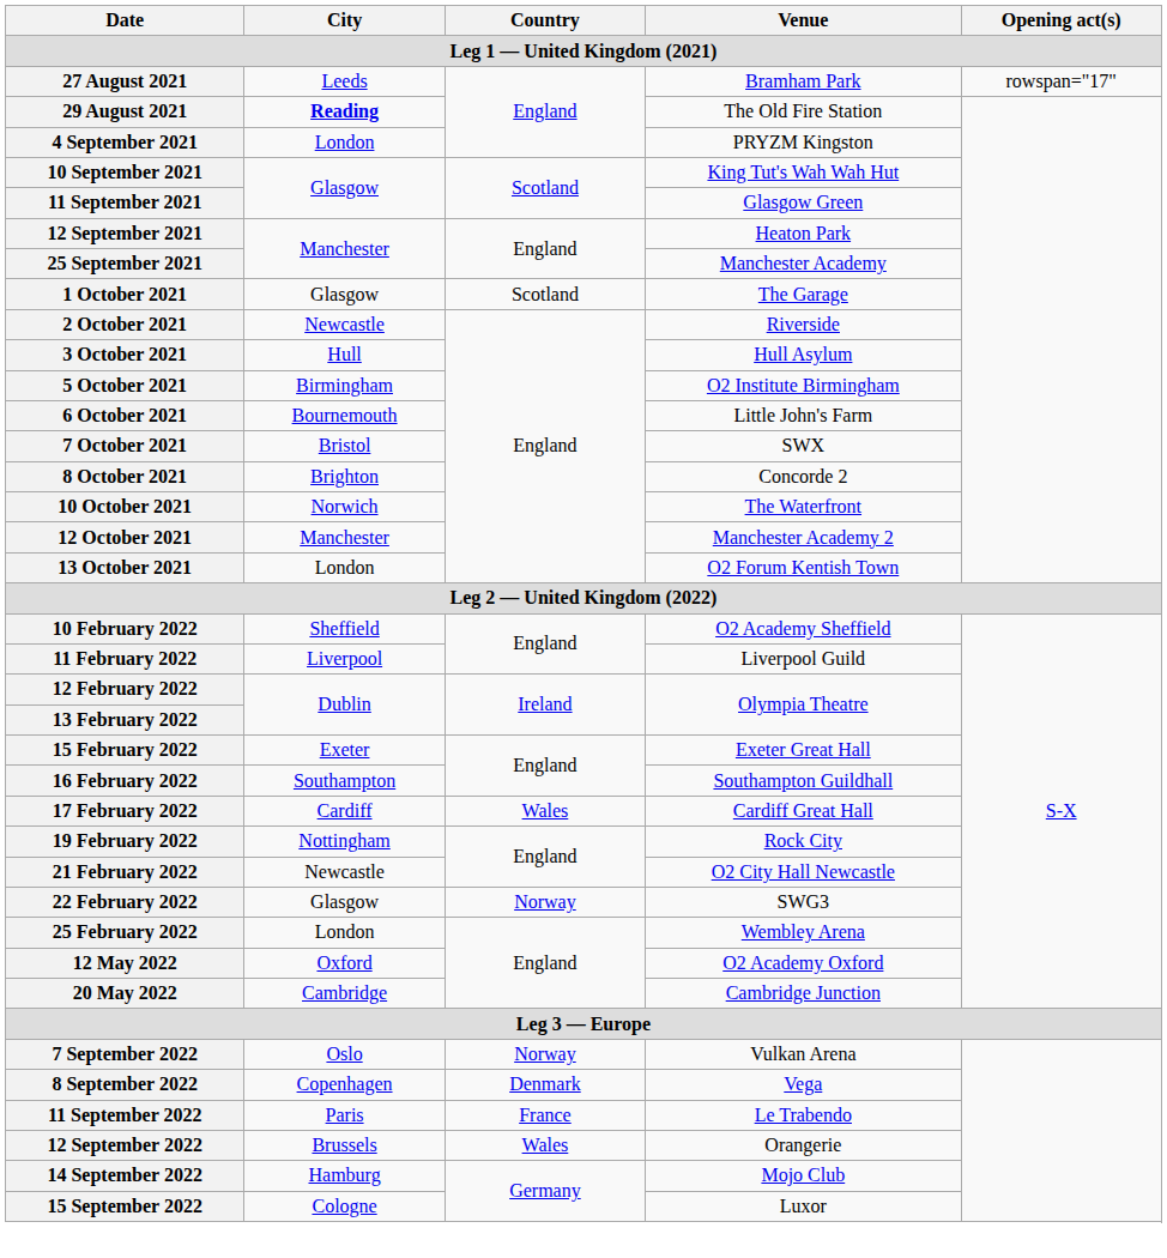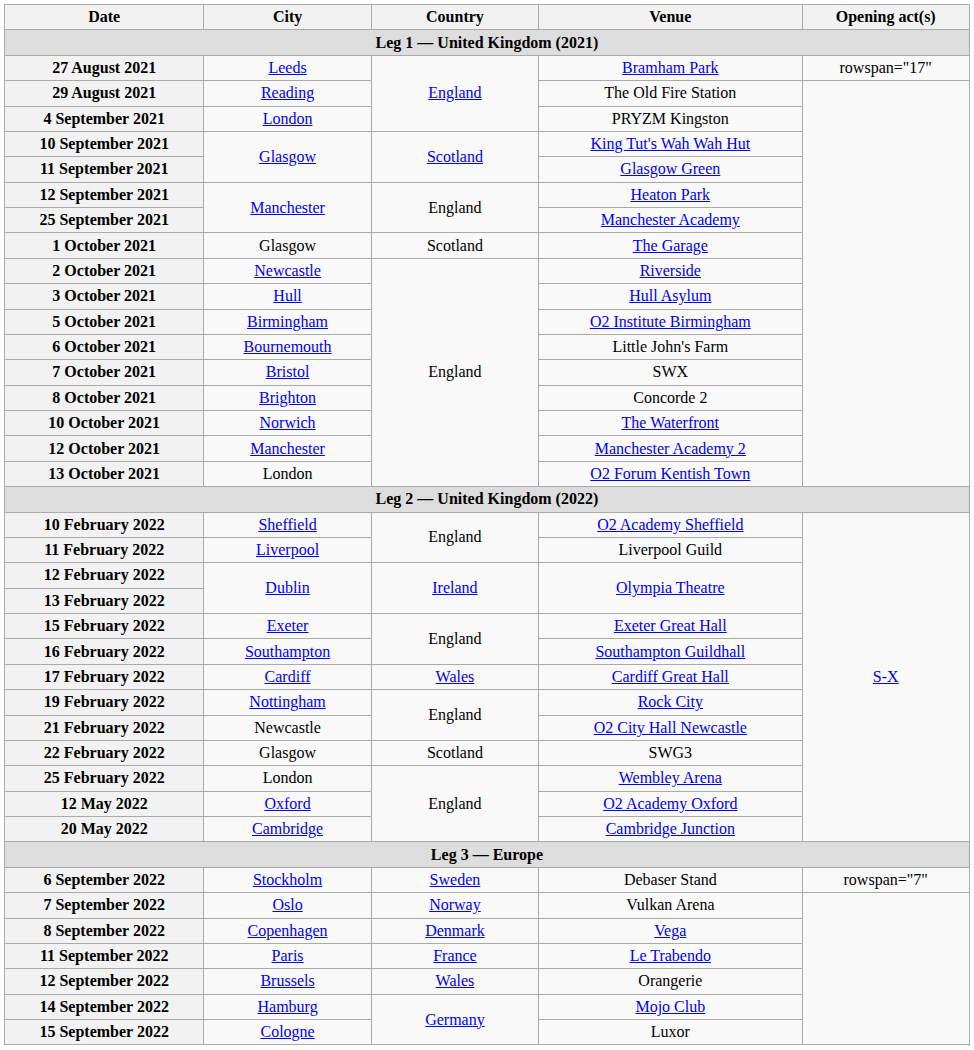 <table class="wikitable plainrowheaders" style="text-align:center;">
 <tr>
 <th scope="col" style="width:12em;">Date</th>
 <th scope="col" style="width:10em;">City</th>
 <th scope="col" style="width:10em;">Country</th>
 <th scope="col" style="width:16em;">Venue</th>
 <th scope="col" style="width:10em;">Opening act(s)</th>
 </tr>
 <tr>
 <th style="background:#dddddd;" colspan="5">Leg 1 — United Kingdom (2021)</th>
 </tr>
 <tr>
 <th scope="row" style="text-align:center;">27 August 2021</th>
 <td><a href='#'>Leeds</a></td>
 <td rowspan="3"><a href='#'>England</a></td>
 <td><a href='#'>Bramham Park</a></td>
 <td>rowspan="17" </td>
 </tr>
 <tr>
 <th scope="row" style="text-align:center;">29 August 2021</th>
-<td><strong><a href='#'>Reading</a></strong></td>
+<td><a href='#'>Reading</a></td>
 <td>The Old Fire Station</td>
 </tr>
 <tr>
 <th scope="row" style="text-align:center;">4 September 2021</th>
 <td><a href='#'>London</a></td>
 <td>PRYZM Kingston</td>
 </tr>
 <tr>
 <th scope="row" style="text-align:center;">10 September 2021</th>
 <td rowspan="2"><a href='#'>Glasgow</a></td>
 <td rowspan="2"><a href='#'>Scotland</a></td>
 <td><a href='#'>King Tut's Wah Wah Hut</a></td>
 </tr>
 <tr>
 <th scope="row" style="text-align:center;">11 September 2021</th>
 <td><a href='#'>Glasgow Green</a></td>
 </tr>
 <tr>
 <th scope="row" style="text-align:center;">12 September 2021</th>
 <td rowspan="2"><a href='#'>Manchester</a></td>
 <td rowspan="2">England</td>
 <td><a href='#'>Heaton Park</a></td>
 </tr>
 <tr>
 <th scope="row" style="text-align:center;">25 September 2021</th>
 <td><a href='#'>Manchester Academy</a></td>
 </tr>
 <tr>
 <th scope="row" style="text-align:center;">1 October 2021</th>
 <td>Glasgow</td>
 <td>Scotland</td>
 <td><a href='#'>The Garage</a></td>
 </tr>
 <tr>
 <th scope="row" style="text-align:center;">2 October 2021</th>
 <td><a href='#'>Newcastle</a></td>
 <td rowspan="9">England</td>
 <td><a href='#'>Riverside</a></td>
 </tr>
 <tr>
 <th scope="row" style="text-align:center;">3 October 2021</th>
 <td><a href='#'>Hull</a></td>
 <td><a href='#'>Hull Asylum</a></td>
 </tr>
 <tr>
 <th scope="row" style="text-align:center;">5 October 2021</th>
 <td><a href='#'>Birmingham</a></td>
 <td><a href='#'>O2 Institute Birmingham</a></td>
 </tr>
 <tr>
 <th scope="row" style="text-align:center;">6 October 2021</th>
 <td><a href='#'>Bournemouth</a></td>
 <td>Little John's Farm</td>
 </tr>
 <tr>
 <th scope="row" style="text-align:center;">7 October 2021</th>
 <td><a href='#'>Bristol</a></td>
 <td>SWX</td>
 </tr>
 <tr>
 <th scope="row" style="text-align:center;">8 October 2021</th>
 <td><a href='#'>Brighton</a></td>
 <td>Concorde 2</td>
 </tr>
 <tr>
 <th scope="row" style="text-align:center;">10 October 2021</th>
 <td><a href='#'>Norwich</a></td>
 <td><a href='#'>The Waterfront</a></td>
 </tr>
 <tr>
 <th scope="row" style="text-align:center;">12 October 2021</th>
 <td><a href='#'>Manchester</a></td>
 <td><a href='#'>Manchester Academy 2</a></td>
 </tr>
 <tr>
 <th scope="row" style="text-align:center;">13 October 2021</th>
 <td>London</td>
 <td><a href='#'>O2 Forum Kentish Town</a></td>
 </tr>
 <tr>
 <th style="background:#dddddd;" colspan="5">Leg 2 — United Kingdom (2022)</th>
 </tr>
 <tr>
 <th scope="row" style="text-align:center;">10 February 2022</th>
 <td><a href='#'>Sheffield</a></td>
 <td rowspan="2">England</td>
 <td><a href='#'>O2 Academy Sheffield</a></td>
 <td rowspan="13"><a href='#'>S-X</a></td>
 </tr>
 <tr>
 <th scope="row" style="text-align:center;">11 February 2022</th>
 <td><a href='#'>Liverpool</a></td>
 <td>Liverpool Guild</td>
 </tr>
 <tr>
 <th scope="row" style="text-align:center;">12 February 2022</th>
 <td rowspan="2"><a href='#'>Dublin</a></td>
 <td rowspan="2"><a href='#'>Ireland</a></td>
 <td rowspan="2"><a href='#'>Olympia Theatre</a></td>
 </tr>
 <tr>
 <th scope="row" style="text-align:center;">13 February 2022</th>
 </tr>
 <tr>
 <th scope="row" style="text-align:center;">15 February 2022</th>
 <td><a href='#'>Exeter</a></td>
 <td rowspan="2">England</td>
 <td><a href='#'>Exeter Great Hall</a></td>
 </tr>
 <tr>
 <th scope="row" style="text-align:center;">16 February 2022</th>
 <td><a href='#'>Southampton</a></td>
 <td><a href='#'>Southampton Guildhall</a></td>
 </tr>
 <tr>
 <th scope="row" style="text-align:center;">17 February 2022</th>
 <td><a href='#'>Cardiff</a></td>
 <td><a href='#'>Wales</a></td>
 <td><a href='#'>Cardiff Great Hall</a></td>
 </tr>
 <tr>
 <th scope="row" style="text-align:center;">19 February 2022</th>
 <td><a href='#'>Nottingham</a></td>
 <td rowspan="2">England</td>
 <td><a href='#'>Rock City</a></td>
 </tr>
 <tr>
 <th scope="row" style="text-align:center;">21 February 2022</th>
 <td>Newcastle</td>
 <td><a href='#'>O2 City Hall Newcastle</a></td>
 </tr>
 <tr>
 <th scope="row" style="text-align:center;">22 February 2022</th>
 <td>Glasgow</td>
-<td><a href='#'>Norway</a></td>
+<td>Scotland</td>
 <td>SWG3</td>
 </tr>
 <tr>
 <th scope="row" style="text-align:center;">25 February 2022</th>
 <td>London</td>
 <td rowspan="3">England</td>
 <td><a href='#'>Wembley Arena</a></td>
 </tr>
 <tr>
 <th scope="row" style="text-align:center;">12 May 2022</th>
 <td><a href='#'>Oxford</a></td>
 <td><a href='#'>O2 Academy Oxford</a></td>
 </tr>
 <tr>
 <th scope="row" style="text-align:center;">20 May 2022</th>
 <td><a href='#'>Cambridge</a></td>
 <td><a href='#'>Cambridge Junction</a></td>
 </tr>
 <tr>
 <th style="background:#dddddd;" colspan="5">Leg 3 — Europe</th>
+</tr>
+<tr>
+<th scope="row" style="text-align:center;">6 September 2022</th>
+<td><a href='#'>Stockholm</a></td>
+<td><a href='#'>Sweden</a></td>
+<td>Debaser Stand</td>
+<td>rowspan="7" </td>
 </tr>
 <tr>
 <th scope="row" style="text-align:center;">7 September 2022</th>
 <td><a href='#'>Oslo</a></td>
 <td><a href='#'>Norway</a></td>
 <td>Vulkan Arena</td>
 </tr>
 <tr>
 <th scope="row" style="text-align:center;">8 September 2022</th>
 <td><a href='#'>Copenhagen</a></td>
 <td><a href='#'>Denmark</a></td>
 <td><a href='#'>Vega</a></td>
 </tr>
 <tr>
 <th scope="row" style="text-align:center;">11 September 2022</th>
 <td><a href='#'>Paris</a></td>
 <td><a href='#'>France</a></td>
 <td><a href='#'>Le Trabendo</a></td>
 </tr>
 <tr>
 <th scope="row" style="text-align:center;">12 September 2022</th>
 <td><a href='#'>Brussels</a></td>
 <td><a href='#'>Wales</a></td>
 <td>Orangerie</td>
 </tr>
 <tr>
 <th scope="row" style="text-align:center;">14 September 2022</th>
 <td><a href='#'>Hamburg</a></td>
 <td rowspan="2"><a href='#'>Germany</a></td>
 <td><a href='#'>Mojo Club</a></td>
 </tr>
 <tr>
 <th scope="row" style="text-align:center;">15 September 2022</th>
 <td><a href='#'>Cologne</a></td>
 <td>Luxor</td>
 </tr>
 <tr>
 </tr>
 </table>
